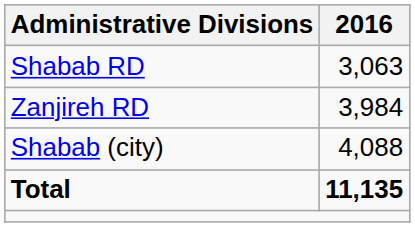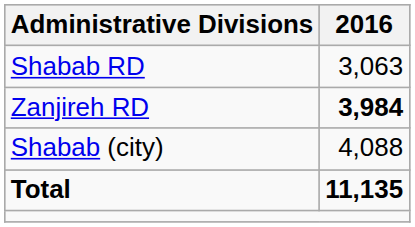 <table class="wikitable">
 <tr>
 <th>Administrative Divisions</th>
 <th>2016</th>
 </tr>
 <tr>
 <td><a href='#'>Shabab RD</a></td>
 <td style="text-align: right;">3,063</td>
 </tr>
 <tr>
 <td><a href='#'>Zanjireh RD</a></td>
-<td style="text-align: right;">3,984</td>
+<td style="text-align: right;"><strong>3,984</strong></td>
 </tr>
 <tr>
 <td><a href='#'>Shabab</a> (city)</td>
 <td style="text-align: right;">4,088</td>
 </tr>
 <tr>
 <td><strong>Total</strong></td>
 <td style="text-align: right;"><strong>11,135</strong></td>
 </tr>
 <tr>
 <td colspan=2></td>
 </tr>
 </table>
